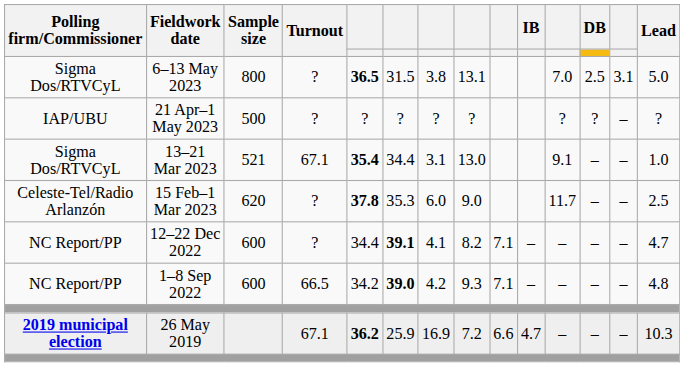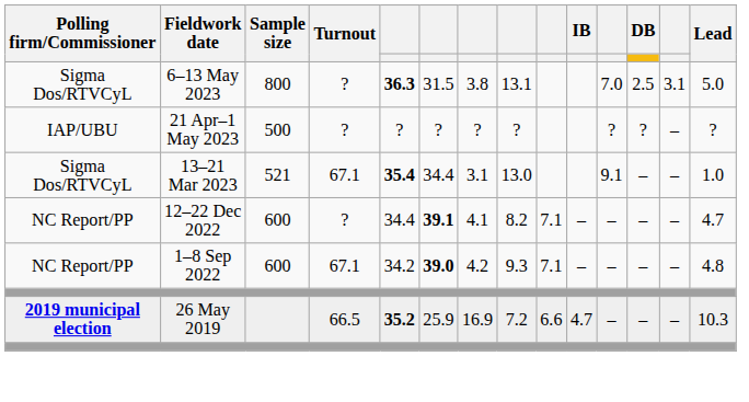 <table class="wikitable collapsible collapsed" style="text-align:center; font-size:95%; line-height:16px;">
 <tr style="height:42px;">
 <th style="width:250px;" rowspan="2">Polling firm/Commissioner</th>
 <th style="width:125px;" rowspan="2">Fieldwork date</th>
 <th style="width:50px;" rowspan="2">Sample size</th>
 <th style="width:45px;" rowspan="2">Turnout</th>
 <th style="width:35px;"></th>
 <th style="width:35px;"></th>
 <th style="width:35px;"></th>
 <th style="width:35px;"></th>
 <th style="width:35px;"></th>
 <th style="width:35px;">IB</th>
 <th style="width:35px;"></th>
 <th style="width:35px;">DB</th>
 <th style="width:35px;"></th>
 <th style="width:30px;" rowspan="2">Lead</th>
 </tr>
 <tr>
 <th style="color:inherit;background:"></th>
 <th style="color:inherit;background:"></th>
 <th style="color:inherit;background:"></th>
 <th style="color:inherit;background:"></th>
 <th style="color:inherit;background:"></th>
 <th style="color:inherit;background:"></th>
 <th style="color:inherit;background:"></th>
 <th style="color:inherit;background:#F6BB10;"></th>
 <th style="color:inherit;background:"></th>
 </tr>
 <tr>
 <td>Sigma Dos/RTVCyL</td>
 <td>6–13 May 2023</td>
 <td>800</td>
 <td>?</td>
-<td><strong>36.5</strong><br></td>
+<td><strong>36.3</strong><br></td>
 <td>31.5<br></td>
 <td>3.8<br></td>
 <td>13.1<br></td>
 <td></td>
 <td></td>
 <td>7.0<br></td>
 <td>2.5<br></td>
 <td>3.1<br></td>
 <td style="background:">5.0</td>
 </tr>
 <tr>
 <td>IAP/UBU</td>
 <td>21 Apr–1 May 2023</td>
 <td>500</td>
 <td>?</td>
 <td>?<br></td>
 <td>?<br></td>
 <td>?<br></td>
 <td>?<br></td>
 <td></td>
 <td></td>
 <td>?<br></td>
 <td>?<br></td>
 <td>–</td>
 <td style="background:">?</td>
 </tr>
 <tr>
 <td>Sigma Dos/RTVCyL</td>
 <td>13–21 Mar 2023</td>
 <td>521</td>
 <td>67.1</td>
 <td><strong>35.4</strong><br></td>
 <td>34.4<br></td>
 <td>3.1<br></td>
 <td>13.0<br></td>
 <td></td>
 <td></td>
 <td>9.1<br></td>
 <td>–</td>
 <td>–</td>
 <td style="background:">1.0</td>
 </tr>
 <tr>
-<td>Celeste-Tel/Radio Arlanzón</td>
-<td>15 Feb–1 Mar 2023</td>
-<td>620</td>
-<td>?</td>
-<td><strong>37.8</strong><br></td>
-<td>35.3<br></td>
-<td>6.0<br></td>
-<td>9.0<br></td>
-<td></td>
-<td></td>
-<td>11.7<br></td>
-<td>–</td>
-<td>–</td>
-<td style="background:">2.5</td>
-</tr>
-<tr>
 <td>NC Report/PP</td>
 <td>12–22 Dec 2022</td>
 <td>600</td>
 <td>?</td>
 <td>34.4<br></td>
 <td><strong>39.1</strong><br></td>
 <td>4.1<br></td>
 <td>8.2<br></td>
 <td>7.1<br></td>
 <td>–</td>
 <td>–</td>
 <td>–</td>
 <td>–</td>
 <td style="background:">4.7</td>
 </tr>
 <tr>
 <td>NC Report/PP</td>
 <td>1–8 Sep 2022</td>
 <td>600</td>
-<td>66.5</td>
+<td>67.1</td>
 <td>34.2<br></td>
 <td><strong>39.0</strong><br></td>
 <td>4.2<br></td>
 <td>9.3<br></td>
 <td>7.1<br></td>
 <td>–</td>
 <td>–</td>
 <td>–</td>
 <td>–</td>
 <td style="background:">4.8</td>
 </tr>
 <tr>
 <td colspan="14" style="background:#A0A0A0"></td>
 </tr>
 <tr style="background:#EFEFEF;">
 <td><strong><a href='#'>2019 municipal election</a></strong></td>
 <td>26 May 2019</td>
 <td></td>
-<td>67.1</td>
-<td><strong>36.2</strong><br></td>
+<td>66.5</td>
+<td><strong>35.2</strong><br></td>
 <td>25.9<br></td>
 <td>16.9<br></td>
 <td>7.2<br></td>
 <td>6.6<br></td>
 <td>4.7<br></td>
 <td>–</td>
 <td>–</td>
 <td>–</td>
 <td style="background:">10.3</td>
 </tr>
 <tr>
 <td colspan="14" style="background:#A0A0A0"></td>
 </tr>
 </table>
